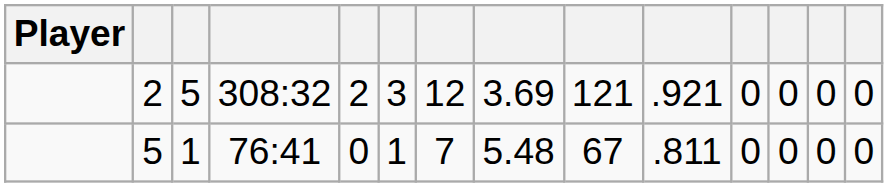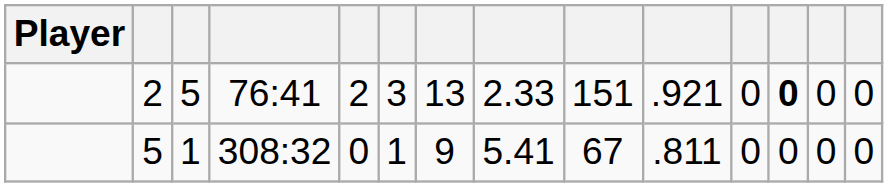 <table class="wikitable sortable" style="text-align:center;">
 <tr>
 <th>Player</th>
 <th></th>
 <th></th>
 <th></th>
 <th></th>
 <th></th>
 <th></th>
 <th></th>
 <th></th>
 <th></th>
 <th></th>
 <th></th>
 <th></th>
 <th></th>
 </tr>
 <tr>
 <td></td>
 <td>2</td>
 <td>5</td>
-<td>308:32</td>
+<td>76:41</td>
 <td>2</td>
 <td>3</td>
-<td>12</td>
-<td>3.69</td>
-<td>121</td>
+<td>13</td>
+<td>2.33</td>
+<td>151</td>
 <td>.921</td>
 <td>0</td>
-<td>0</td>
+<td><strong>0</strong></td>
 <td>0</td>
 <td>0</td>
 </tr>
 <tr>
 <td></td>
 <td>5</td>
 <td>1</td>
-<td>76:41</td>
+<td>308:32</td>
 <td>0</td>
 <td>1</td>
-<td>7</td>
-<td>5.48</td>
+<td>9</td>
+<td>5.41</td>
 <td>67</td>
 <td>.811</td>
 <td>0</td>
 <td>0</td>
 <td>0</td>
 <td>0</td>
 </tr>
 </table>
